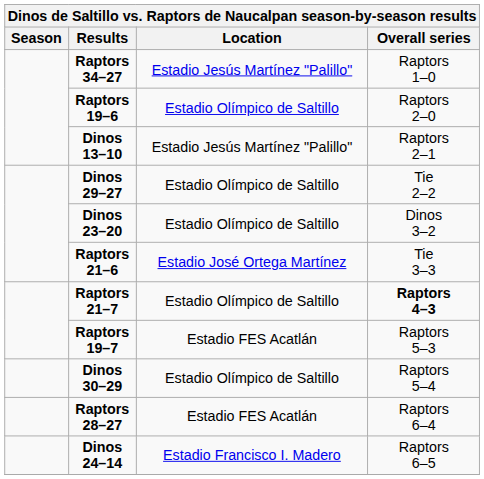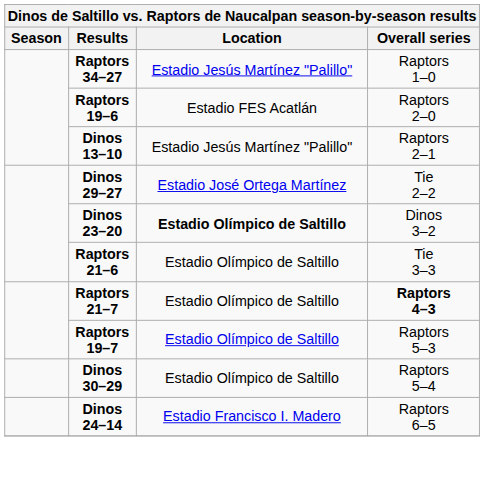 <table class="wikitable mw-collapsible mw-collapsed" style="text-align:center; font-size:95%; margin:auto;">
 <tr>
 <th colspan="4">Dinos de Saltillo vs. Raptors de Naucalpan season-by-season results</th>
 </tr>
 <tr>
 <th>Season</th>
 <th>Results</th>
 <th>Location</th>
 <th>Overall series</th>
 </tr>
 <tr>
 <td rowspan=3></td>
 <td><strong>Raptors <br> 34–27</strong></td>
 <td><a href='#'>Estadio Jesús Martínez "Palillo"</a></td>
 <td>Raptors <br> 1–0</td>
 </tr>
 <tr>
 <td><strong>Raptors <br> 19–6</strong></td>
-<td><a href='#'>Estadio Olímpico de Saltillo</a></td>
+<td>Estadio FES Acatlán</td>
 <td>Raptors <br> 2–0</td>
 </tr>
 <tr>
 <td><strong>Dinos <br> 13–10</strong></td>
 <td>Estadio Jesús Martínez "Palillo"</td>
 <td>Raptors <br> 2–1</td>
 </tr>
 <tr>
 <td rowspan=3></td>
 <td><strong>Dinos <br> 29–27</strong></td>
-<td>Estadio Olímpico de Saltillo</td>
+<td><a href='#'>Estadio José Ortega Martínez</a></td>
 <td>Tie <br> 2–2</td>
 </tr>
 <tr>
 <td><strong>Dinos <br> 23–20</strong></td>
-<td>Estadio Olímpico de Saltillo</td>
+<td><strong>Estadio Olímpico de Saltillo</strong></td>
 <td>Dinos <br> 3–2</td>
 </tr>
 <tr>
 <td><strong>Raptors <br> 21–6</strong></td>
-<td><a href='#'>Estadio José Ortega Martínez</a></td>
+<td>Estadio Olímpico de Saltillo</td>
 <td>Tie <br> 3–3</td>
 </tr>
 <tr>
 <td rowspan=2></td>
 <td><strong>Raptors <br> 21–7</strong></td>
 <td>Estadio Olímpico de Saltillo</td>
 <td><strong>Raptors <br> 4–3</strong></td>
 </tr>
 <tr>
 <td><strong>Raptors <br> 19–7</strong></td>
-<td>Estadio FES Acatlán</td>
+<td><a href='#'>Estadio Olímpico de Saltillo</a></td>
 <td>Raptors <br> 5–3</td>
 </tr>
 <tr>
 <td></td>
 <td><strong>Dinos <br> 30–29</strong></td>
 <td>Estadio Olímpico de Saltillo</td>
 <td>Raptors <br> 5–4</td>
 </tr>
 <tr>
 <td></td>
-<td><strong>Raptors <br> 28–27</strong></td>
-<td>Estadio FES Acatlán</td>
-<td>Raptors <br> 6–4</td>
-</tr>
-<tr>
-<td></td>
 <td><strong>Dinos <br> 24–14</strong></td>
 <td><a href='#'>Estadio Francisco I. Madero</a></td>
 <td>Raptors <br> 6–5</td>
 </tr>
 <tr>
 </tr>
 </table>
